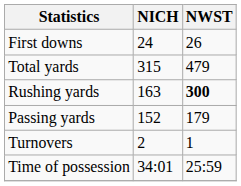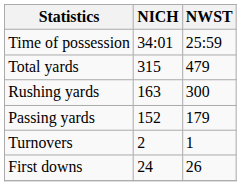 <table class="wikitable">
 <tr>
 <th>Statistics</th>
 <th>NICH</th>
 <th>NWST</th>
 </tr>
 <tr>
-<td>First downs</td>
-<td>24</td>
-<td>26</td>
+<td>Time of possession</td>
+<td>34:01</td>
+<td>25:59</td>
 </tr>
 <tr>
 <td>Total yards</td>
 <td>315</td>
 <td>479</td>
 </tr>
 <tr>
 <td>Rushing yards</td>
 <td>163</td>
-<td><strong>300</strong></td>
+<td>300</td>
 </tr>
 <tr>
 <td>Passing yards</td>
 <td>152</td>
 <td>179</td>
 </tr>
 <tr>
 <td>Turnovers</td>
 <td>2</td>
 <td>1</td>
 </tr>
 <tr>
-<td>Time of possession</td>
-<td>34:01</td>
-<td>25:59</td>
+<td>First downs</td>
+<td>24</td>
+<td>26</td>
 </tr>
 <tr>
 </tr>
 </table>
